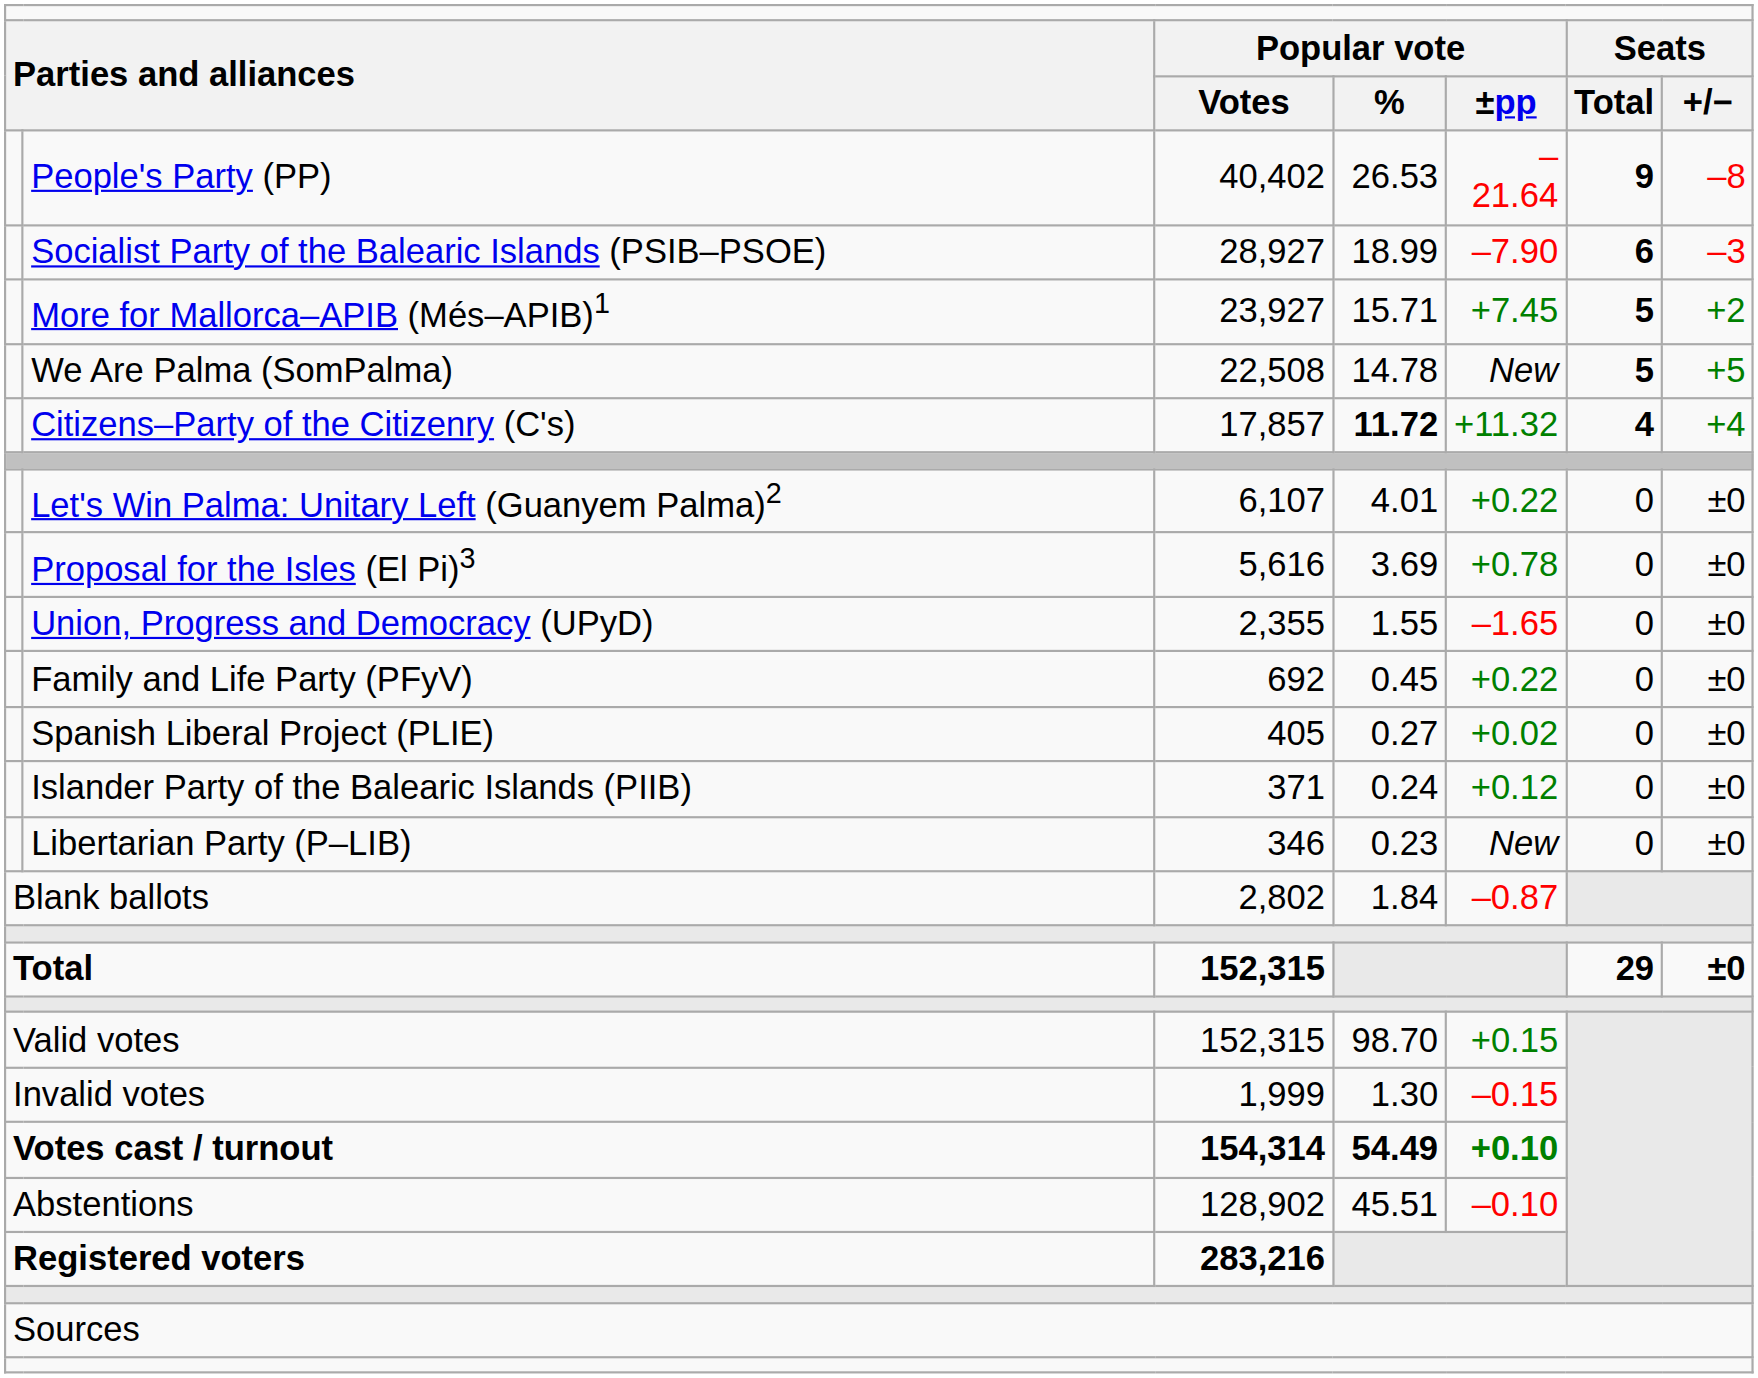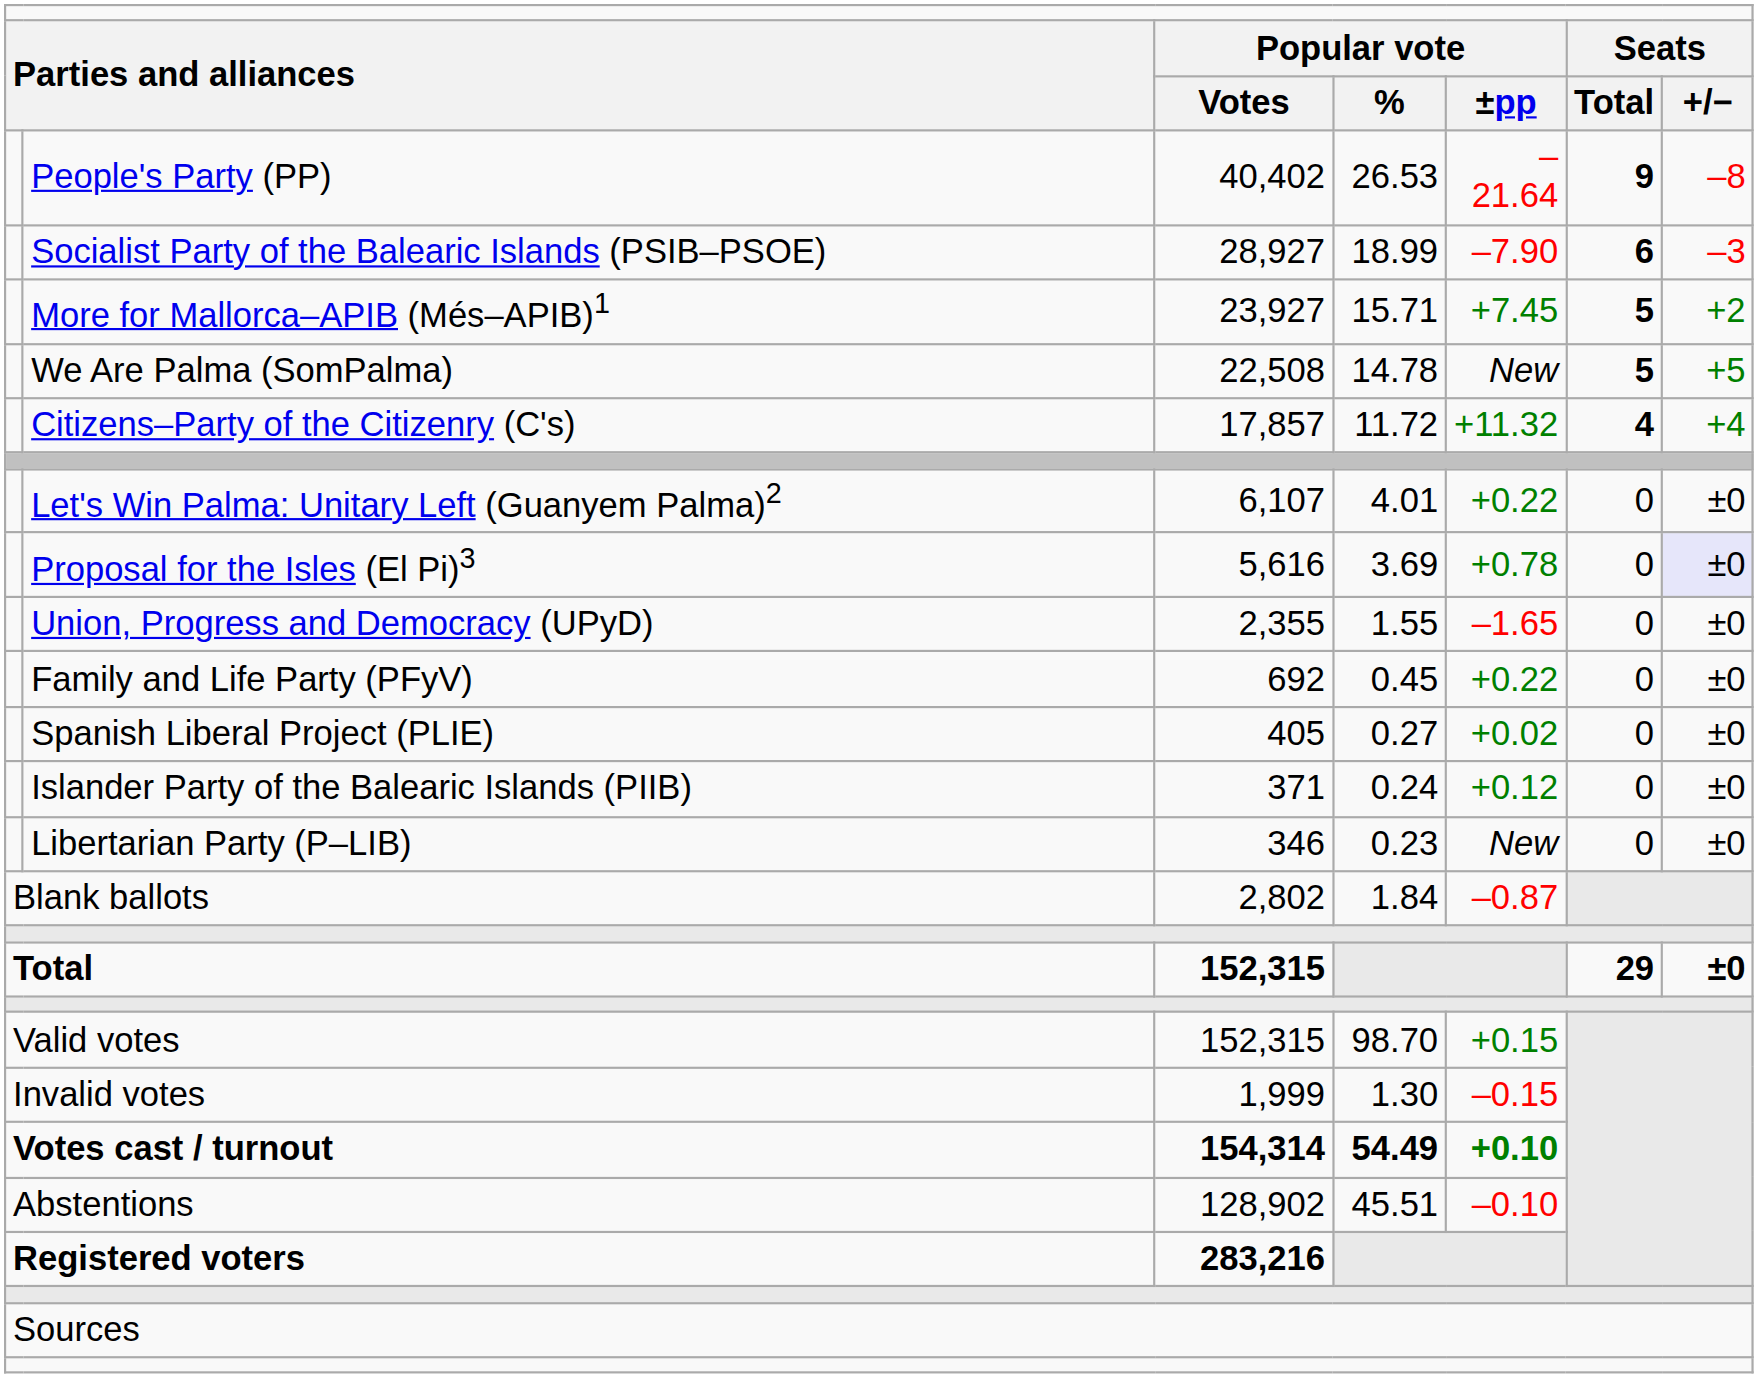 <table class="wikitable" style="text-align:right;">
 <tr>
 <td colspan="7"></td>
 </tr>
 <tr>
 <th style="text-align:left;" rowspan="2" colspan="2" width="525">Parties and alliances</th>
 <th colspan="3">Popular vote</th>
 <th colspan="2">Seats</th>
 </tr>
 <tr>
 <th width="75">Votes</th>
 <th width="45">%</th>
 <th width="45">±<a href='#'>pp</a></th>
 <th width="35">Total</th>
 <th width="35">+/−</th>
 </tr>
 <tr>
 <td width="1" style="color:inherit;background:"></td>
 <td align="left"><a href='#'>People's Party</a> (PP)</td>
 <td>40,402</td>
 <td>26.53</td>
 <td style="color:red;">–21.64</td>
 <td><strong>9</strong></td>
 <td style="color:red;">–8</td>
 </tr>
 <tr>
 <td style="color:inherit;background:"></td>
 <td align="left"><a href='#'>Socialist Party of the Balearic Islands</a> (PSIB–PSOE)</td>
 <td>28,927</td>
 <td>18.99</td>
 <td style="color:red;">–7.90</td>
 <td><strong>6</strong></td>
 <td style="color:red;">–3</td>
 </tr>
 <tr>
 <td style="color:inherit;background:"></td>
 <td align="left"><a href='#'>More for Mallorca–APIB</a> (Més–APIB)<sup>1</sup></td>
 <td>23,927</td>
 <td>15.71</td>
 <td style="color:green;">+7.45</td>
 <td><strong>5</strong></td>
 <td style="color:green;">+2</td>
 </tr>
 <tr>
 <td style="color:inherit;background:"></td>
 <td align="left">We Are Palma (SomPalma)</td>
 <td>22,508</td>
 <td>14.78</td>
 <td><em>New</em></td>
 <td><strong>5</strong></td>
 <td style="color:green;">+5</td>
 </tr>
 <tr>
 <td style="color:inherit;background:"></td>
 <td align="left"><a href='#'>Citizens–Party of the Citizenry</a> (C's)</td>
 <td>17,857</td>
-<td><strong>11.72</strong></td>
+<td>11.72</td>
 <td style="color:green;">+11.32</td>
 <td><strong>4</strong></td>
 <td style="color:green;">+4</td>
 </tr>
 <tr>
 <td colspan="7" bgcolor="#C0C0C0"></td>
 </tr>
 <tr>
 <td style="color:inherit;background:"></td>
 <td align="left"><a href='#'>Let's Win Palma: Unitary Left</a> (Guanyem Palma)<sup>2</sup></td>
 <td>6,107</td>
 <td>4.01</td>
 <td style="color:green;">+0.22</td>
 <td>0</td>
 <td>±0</td>
 </tr>
 <tr>
 <td style="color:inherit;background:"></td>
 <td align="left"><a href='#'>Proposal for the Isles</a> (El Pi)<sup>3</sup></td>
 <td>5,616</td>
 <td>3.69</td>
 <td style="color:green;">+0.78</td>
 <td>0</td>
-<td>±0</td>
+<td style="background: lavender;">±0</td>
 </tr>
 <tr>
 <td style="color:inherit;background:"></td>
 <td align="left"><a href='#'>Union, Progress and Democracy</a> (UPyD)</td>
 <td>2,355</td>
 <td>1.55</td>
 <td style="color:red;">–1.65</td>
 <td>0</td>
 <td>±0</td>
 </tr>
 <tr>
 <td style="color:inherit;background:"></td>
 <td align="left">Family and Life Party (PFyV)</td>
 <td>692</td>
 <td>0.45</td>
 <td style="color:green;">+0.22</td>
 <td>0</td>
 <td>±0</td>
 </tr>
 <tr>
 <td style="color:inherit;background:"></td>
 <td align="left">Spanish Liberal Project (PLIE)</td>
 <td>405</td>
 <td>0.27</td>
 <td style="color:green;">+0.02</td>
 <td>0</td>
 <td>±0</td>
 </tr>
 <tr>
 <td style="color:inherit;background:"></td>
 <td align="left">Islander Party of the Balearic Islands (PIIB)</td>
 <td>371</td>
 <td>0.24</td>
 <td style="color:green;">+0.12</td>
 <td>0</td>
 <td>±0</td>
 </tr>
 <tr>
 <td style="color:inherit;background:"></td>
 <td align="left">Libertarian Party (P–LIB)</td>
 <td>346</td>
 <td>0.23</td>
 <td><em>New</em></td>
 <td>0</td>
 <td>±0</td>
 </tr>
 <tr>
 <td align="left" colspan="2">Blank ballots</td>
 <td>2,802</td>
 <td>1.84</td>
 <td style="color:red;">–0.87</td>
 <td bgcolor="#E9E9E9" colspan="2"></td>
 </tr>
 <tr>
 <td colspan="7" bgcolor="#E9E9E9"></td>
 </tr>
 <tr style="font-weight:bold;">
 <td align="left" colspan="2">Total</td>
 <td>152,315</td>
 <td bgcolor="#E9E9E9" colspan="2"></td>
 <td>29</td>
 <td>±0</td>
 </tr>
 <tr>
 <td colspan="7" bgcolor="#E9E9E9"></td>
 </tr>
 <tr>
 <td align="left" colspan="2">Valid votes</td>
 <td>152,315</td>
 <td>98.70</td>
 <td style="color:green;">+0.15</td>
 <td bgcolor="#E9E9E9" colspan="2" rowspan="5"></td>
 </tr>
 <tr>
 <td align="left" colspan="2">Invalid votes</td>
 <td>1,999</td>
 <td>1.30</td>
 <td style="color:red;">–0.15</td>
 </tr>
 <tr style="font-weight:bold;">
 <td align="left" colspan="2">Votes cast / turnout</td>
 <td>154,314</td>
 <td>54.49</td>
 <td style="color:green;">+0.10</td>
 </tr>
 <tr>
 <td align="left" colspan="2">Abstentions</td>
 <td>128,902</td>
 <td>45.51</td>
 <td style="color:red;">–0.10</td>
 </tr>
 <tr style="font-weight:bold;">
 <td align="left" colspan="2">Registered voters</td>
 <td>283,216</td>
 <td bgcolor="#E9E9E9" colspan="2"></td>
 </tr>
 <tr>
 <td colspan="7" bgcolor="#E9E9E9"></td>
 </tr>
 <tr>
 <td align="left" colspan="7">Sources</td>
 </tr>
 <tr>
 <td colspan="7" style="text-align:left; max-width:790px;"></td>
 </tr>
 </table>
